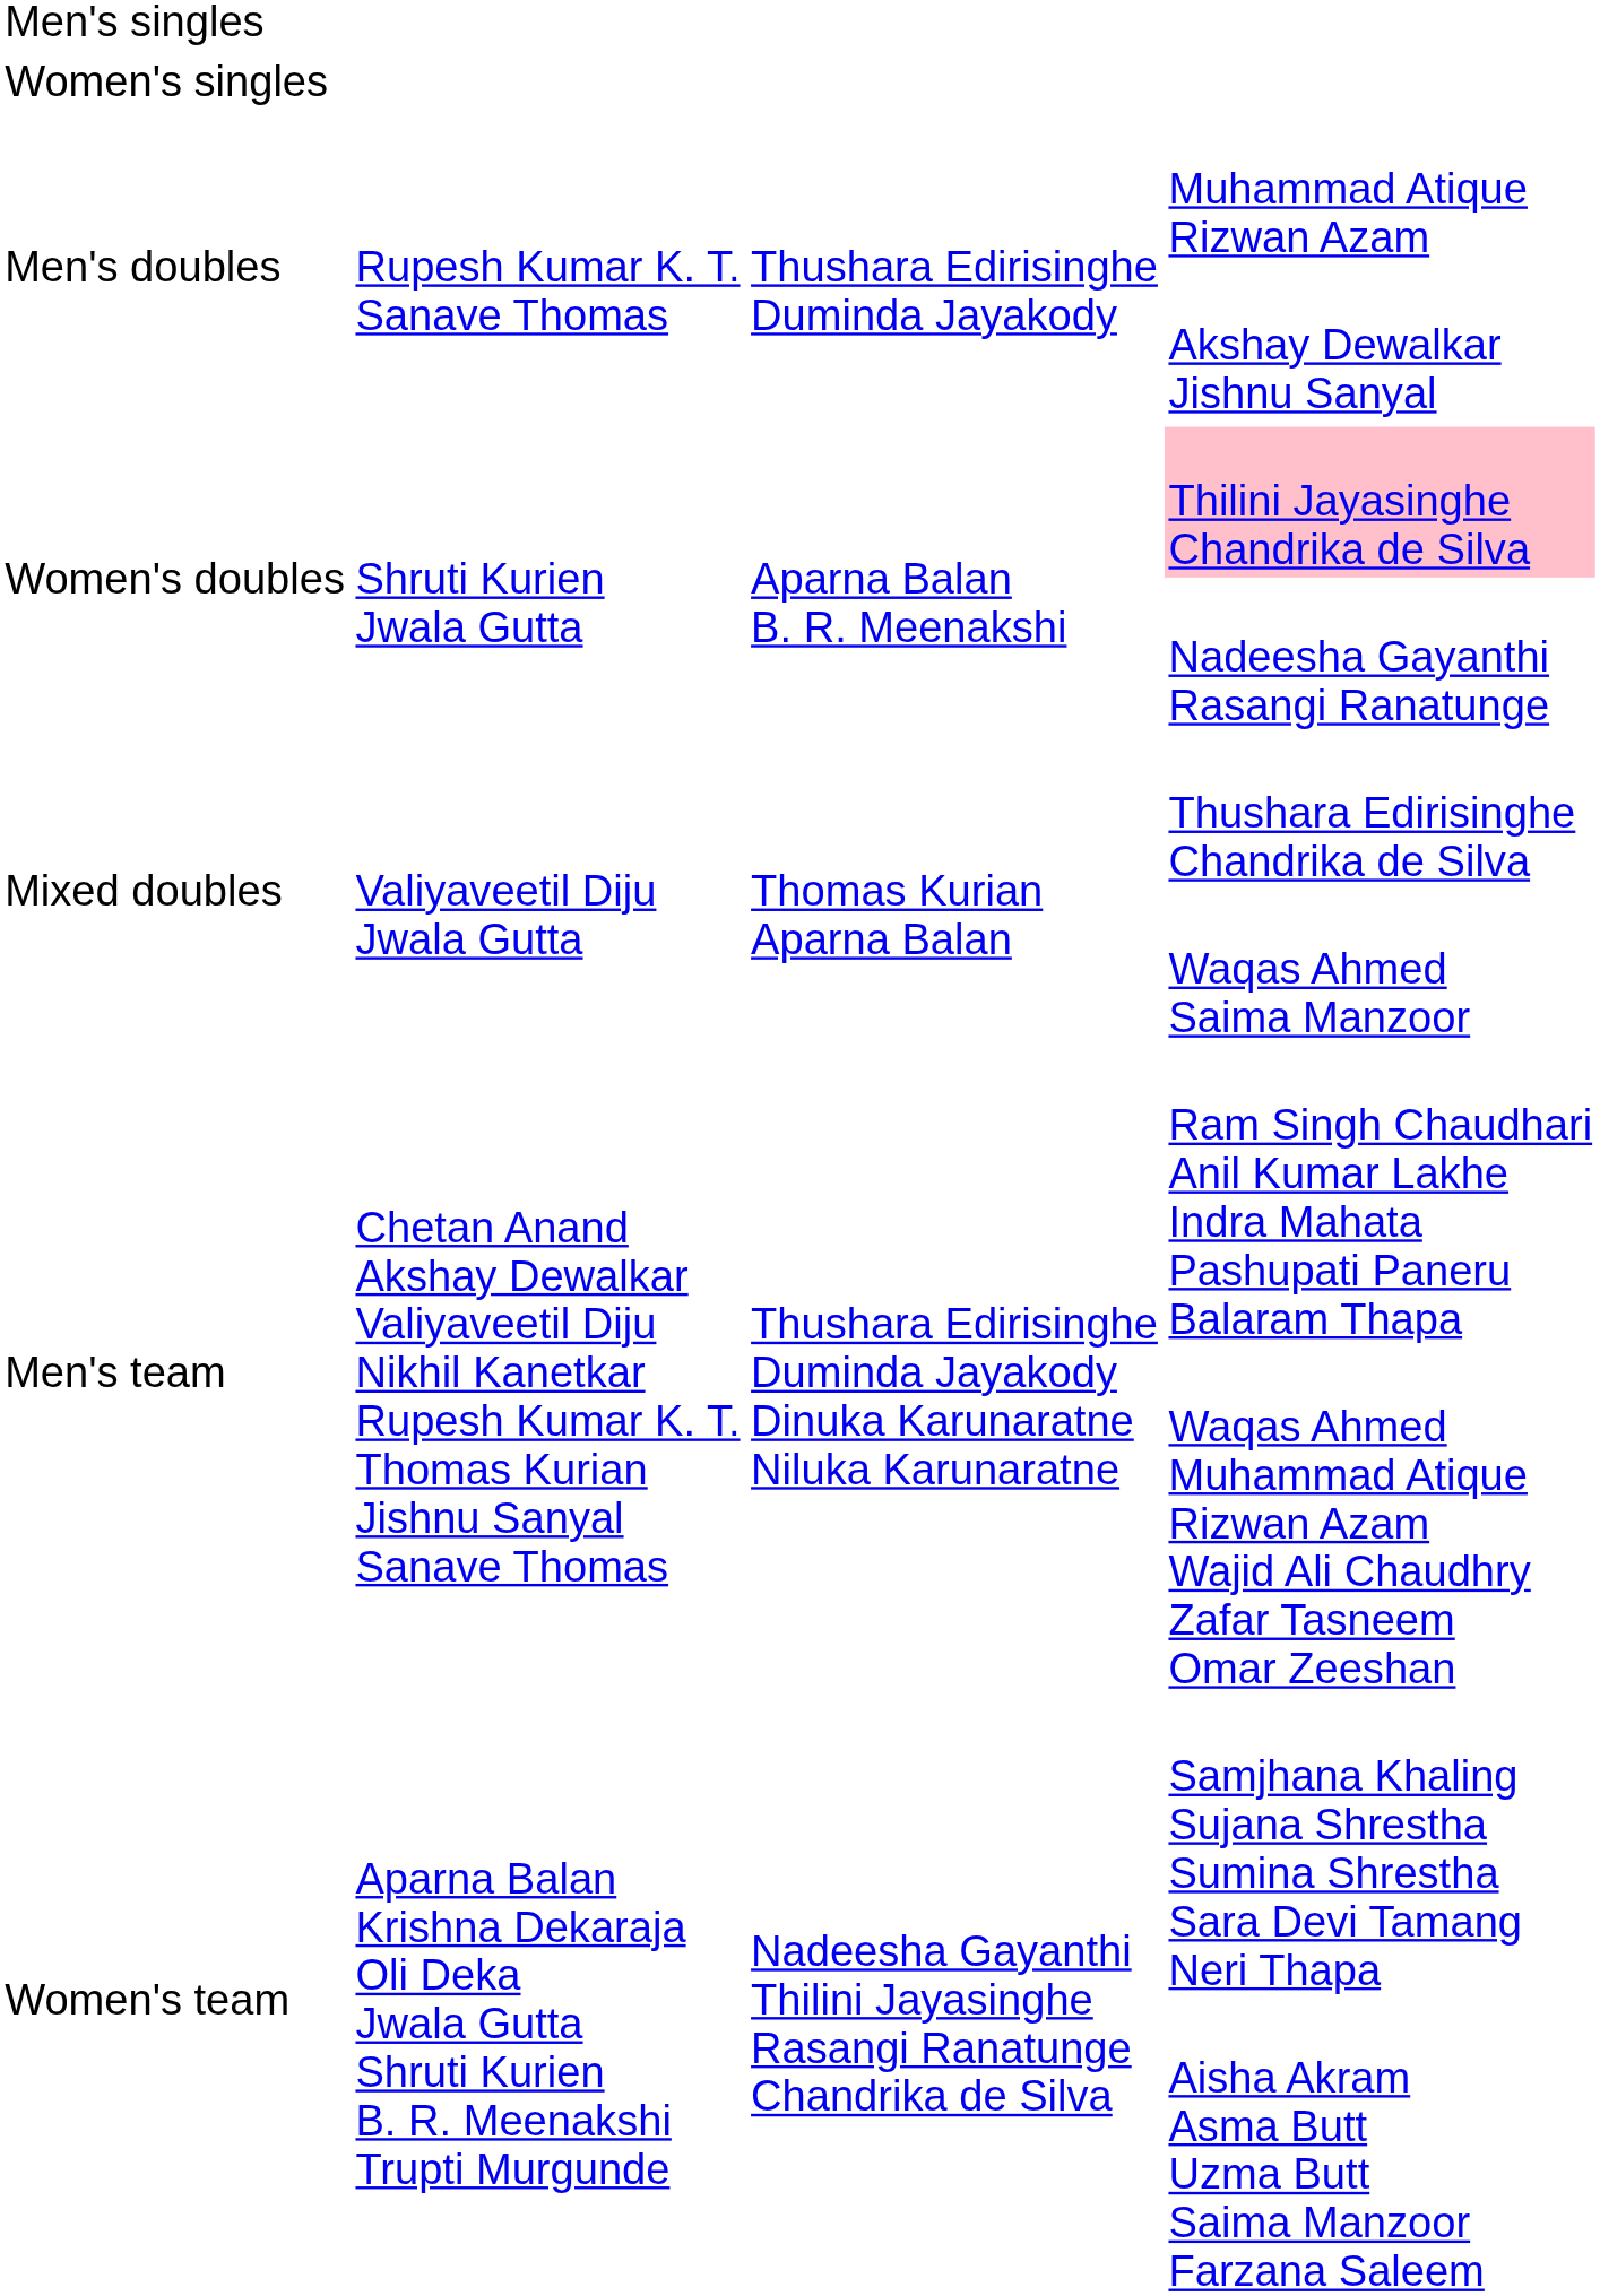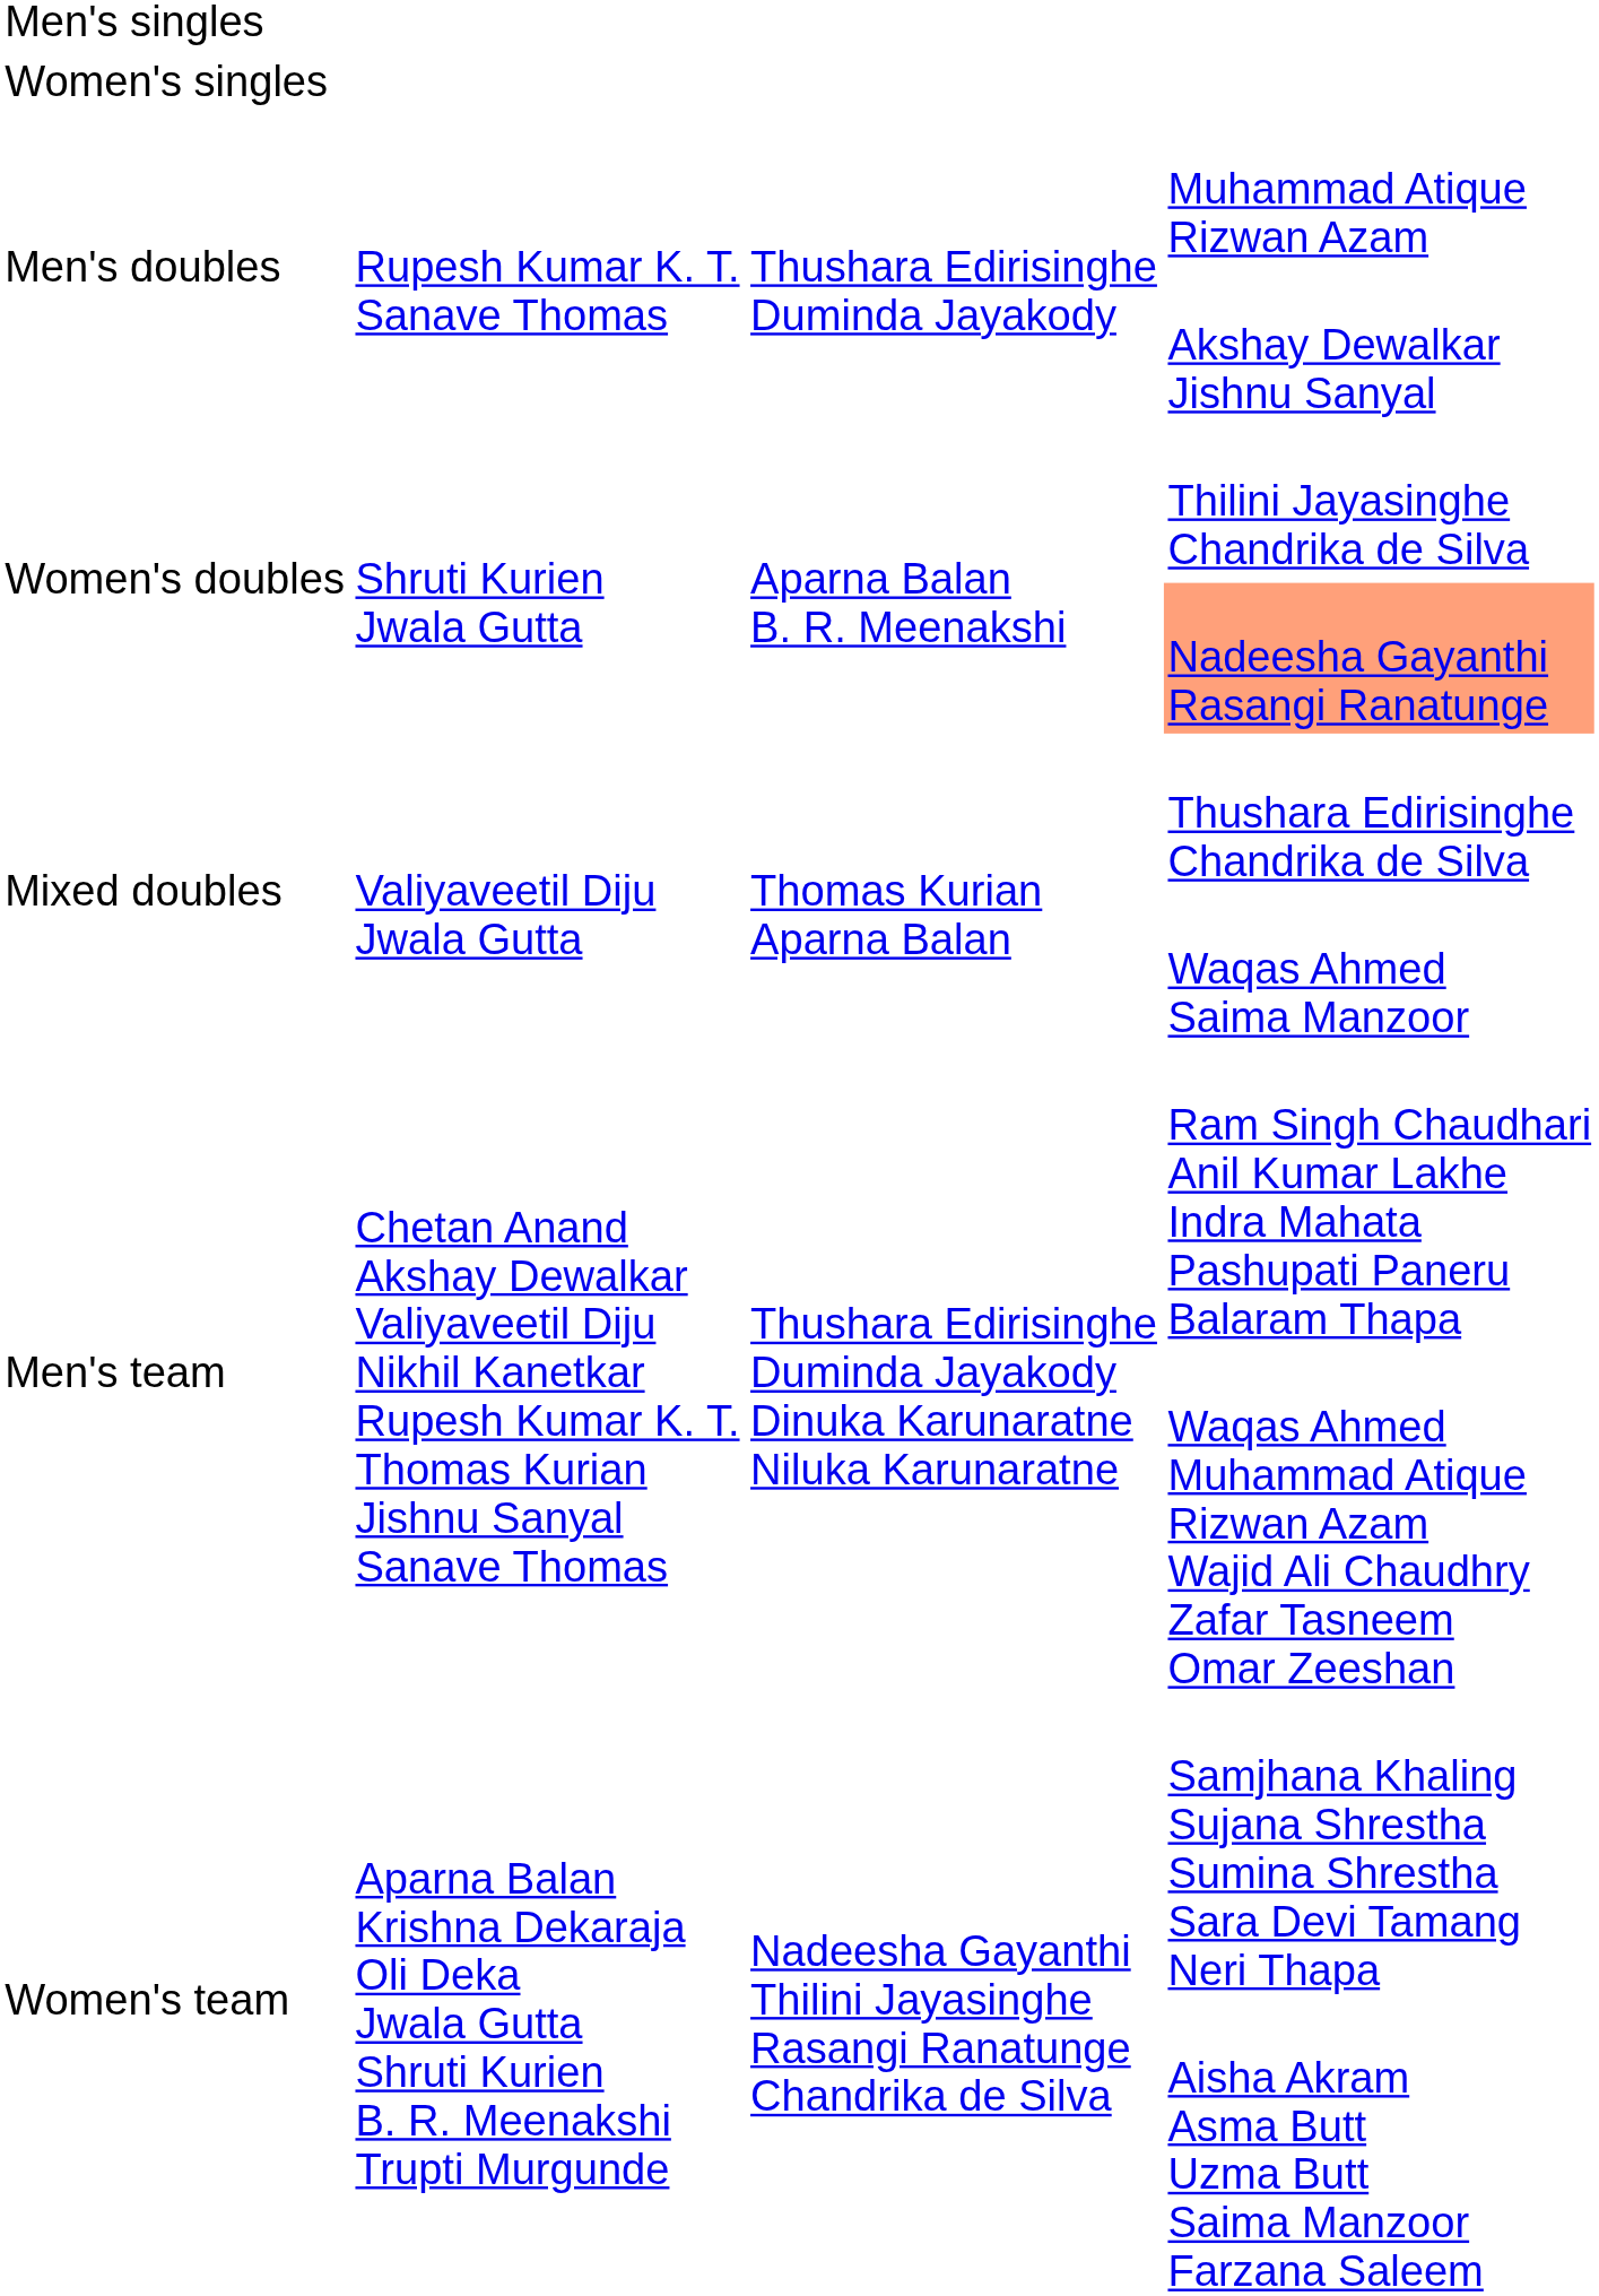 <table>
 <tr>
 <td rowspan=2>Men's singles</td>
 <td rowspan=2></td>
 <td rowspan=2></td>
 <td></td>
 </tr>
 <tr>
 <td></td>
 </tr>
 <tr>
 <td rowspan=2>Women's singles</td>
 <td rowspan=2></td>
 <td rowspan=2></td>
 <td></td>
 </tr>
 <tr>
 <td></td>
 </tr>
 <tr>
 <td rowspan=2>Men's doubles</td>
 <td rowspan=2><br><a href='#'>Rupesh Kumar K. T.</a><br><a href='#'>Sanave Thomas</a></td>
 <td rowspan=2><br><a href='#'>Thushara Edirisinghe</a><br><a href='#'>Duminda Jayakody</a></td>
 <td><br><a href='#'>Muhammad Atique</a><br><a href='#'>Rizwan Azam</a></td>
 </tr>
 <tr>
 <td><br><a href='#'>Akshay Dewalkar</a><br><a href='#'>Jishnu Sanyal</a></td>
 </tr>
 <tr>
 <td rowspan=2>Women's doubles</td>
 <td rowspan=2><br><a href='#'>Shruti Kurien</a><br><a href='#'>Jwala Gutta</a></td>
 <td rowspan=2><br><a href='#'>Aparna Balan</a><br><a href='#'>B. R. Meenakshi</a></td>
-<td style="background: pink;"><br><a href='#'>Thilini Jayasinghe</a><br><a href='#'>Chandrika de Silva</a></td>
+<td><br><a href='#'>Thilini Jayasinghe</a><br><a href='#'>Chandrika de Silva</a></td>
 </tr>
 <tr>
-<td><br><a href='#'>Nadeesha Gayanthi</a><br><a href='#'>Rasangi Ranatunge</a></td>
+<td style="background: lightsalmon;"><br><a href='#'>Nadeesha Gayanthi</a><br><a href='#'>Rasangi Ranatunge</a></td>
 </tr>
 <tr>
 <td rowspan=2>Mixed doubles</td>
 <td rowspan=2><br><a href='#'>Valiyaveetil Diju</a><br><a href='#'>Jwala Gutta</a></td>
 <td rowspan=2><br><a href='#'>Thomas Kurian</a><br><a href='#'>Aparna Balan</a></td>
 <td><br><a href='#'>Thushara Edirisinghe</a><br><a href='#'>Chandrika de Silva</a></td>
 </tr>
 <tr>
 <td><br><a href='#'>Waqas Ahmed</a><br><a href='#'>Saima Manzoor</a></td>
 </tr>
 <tr>
 <td rowspan=2>Men's team</td>
 <td rowspan=2><br><a href='#'>Chetan Anand</a><br><a href='#'>Akshay Dewalkar</a><br><a href='#'>Valiyaveetil Diju</a><br><a href='#'>Nikhil Kanetkar</a><br><a href='#'>Rupesh Kumar K. T.</a><br><a href='#'>Thomas Kurian</a><br><a href='#'>Jishnu Sanyal</a><br><a href='#'>Sanave Thomas</a></td>
 <td rowspan=2><br><a href='#'>Thushara Edirisinghe</a><br><a href='#'>Duminda Jayakody</a><br><a href='#'>Dinuka Karunaratne</a><br><a href='#'>Niluka Karunaratne</a></td>
 <td><br><a href='#'>Ram Singh Chaudhari</a><br><a href='#'>Anil Kumar Lakhe</a><br><a href='#'>Indra Mahata</a><br><a href='#'>Pashupati Paneru</a><br><a href='#'>Balaram Thapa</a></td>
 </tr>
 <tr>
 <td><br><a href='#'>Waqas Ahmed</a><br><a href='#'>Muhammad Atique</a><br><a href='#'>Rizwan Azam</a><br><a href='#'>Wajid Ali Chaudhry</a><br><a href='#'>Zafar Tasneem</a><br><a href='#'>Omar Zeeshan</a></td>
 </tr>
 <tr>
 <td rowspan=2>Women's team</td>
 <td rowspan=2><br><a href='#'>Aparna Balan</a><br><a href='#'>Krishna Dekaraja</a><br><a href='#'>Oli Deka</a><br><a href='#'>Jwala Gutta</a><br><a href='#'>Shruti Kurien</a><br><a href='#'>B. R. Meenakshi</a><br><a href='#'>Trupti Murgunde</a></td>
 <td rowspan=2><br><a href='#'>Nadeesha Gayanthi</a><br><a href='#'>Thilini Jayasinghe</a><br><a href='#'>Rasangi Ranatunge</a><br><a href='#'>Chandrika de Silva</a></td>
 <td><br><a href='#'>Samjhana Khaling</a><br><a href='#'>Sujana Shrestha</a><br><a href='#'>Sumina Shrestha</a><br><a href='#'>Sara Devi Tamang</a><br><a href='#'>Neri Thapa</a></td>
 </tr>
 <tr>
 <td><br><a href='#'>Aisha Akram</a><br><a href='#'>Asma Butt</a><br><a href='#'>Uzma Butt</a><br><a href='#'>Saima Manzoor</a><br><a href='#'>Farzana Saleem</a></td>
 </tr>
 </table>
